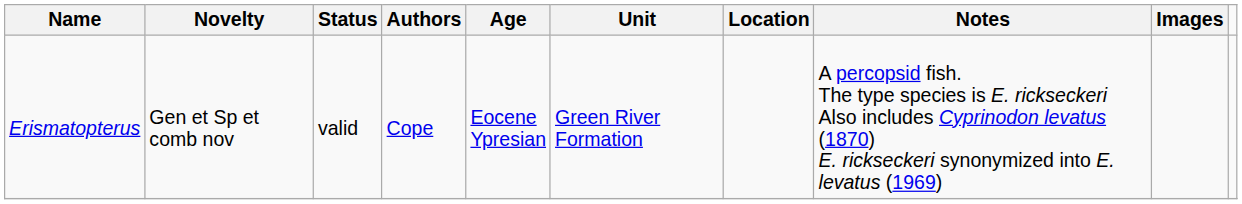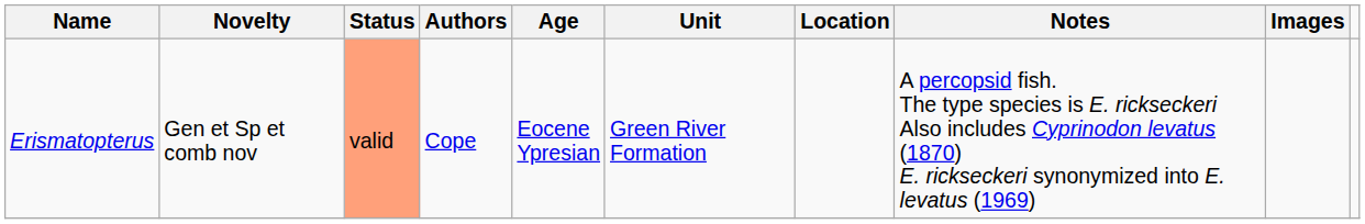 <table class="wikitable sortable" align="center" width="80%">
 <tr>
 <th>Name</th>
 <th>Novelty</th>
 <th>Status</th>
 <th>Authors</th>
 <th>Age</th>
 <th>Unit</th>
 <th>Location</th>
 <th>Notes</th>
 <th>Images</th>
 </tr>
 <tr>
 <td><br><em><a href='#'>Erismatopterus</a></em></td>
 <td><br>Gen et Sp et comb nov</td>
-<td><br>valid</td>
+<td style="background: lightsalmon;"><br>valid</td>
 <td><br><a href='#'>Cope</a></td>
 <td><br><a href='#'>Eocene</a><br><a href='#'>Ypresian</a></td>
 <td><br><a href='#'>Green River Formation</a></td>
 <td><br><br></td>
 <td><br>A <a href='#'>percopsid</a> fish.<br>The type species is <em>E. rickseckeri</em><br>Also includes <em><a href='#'>Cyprinodon levatus</a></em> (<a href='#'>1870</a>)<br><em>E. rickseckeri</em> synonymized into <em>E. levatus</em> (<a href='#'>1969</a>)</td>
 <td><br></td>
 <td></td>
 </tr>
 <tr>
 </tr>
 </table>
